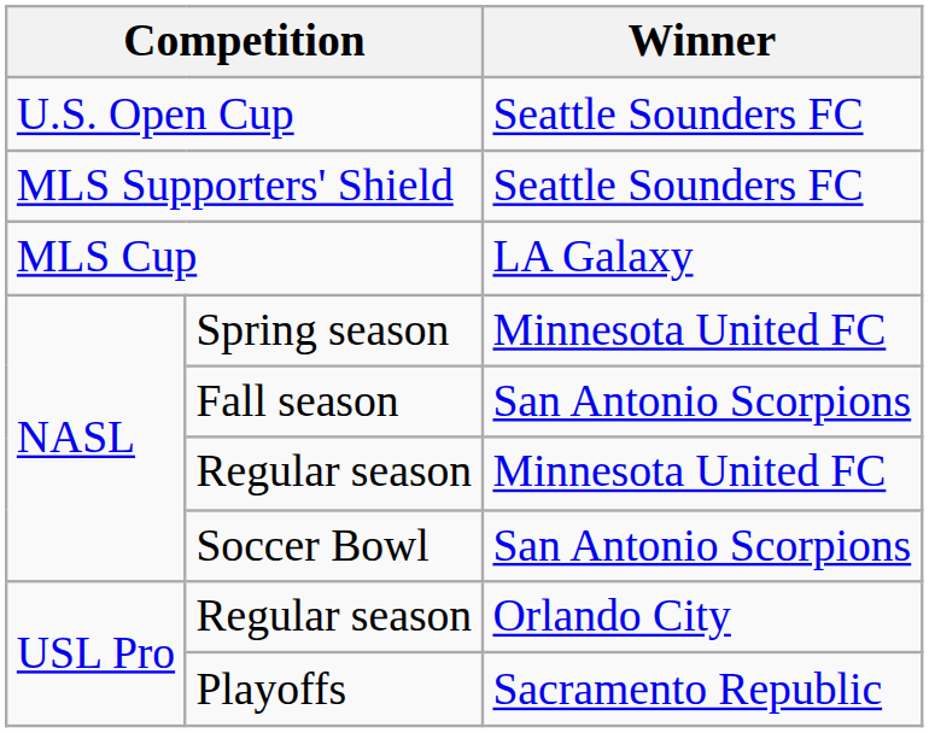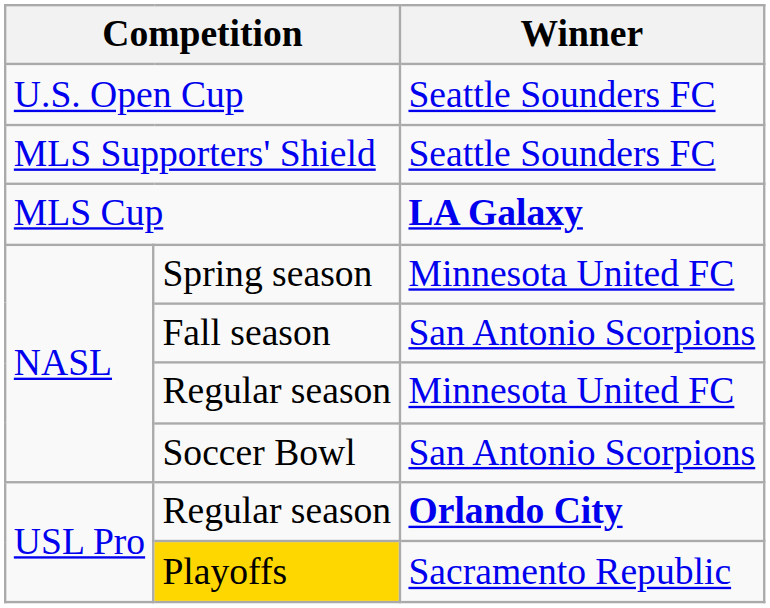 <table class="wikitable">
 <tr>
 <th colspan=2>Competition</th>
 <th>Winner</th>
 </tr>
 <tr>
 <td colspan=2><a href='#'>U.S. Open Cup</a></td>
 <td><a href='#'>Seattle Sounders FC</a></td>
 </tr>
 <tr>
 <td colspan=2><a href='#'>MLS Supporters' Shield</a></td>
 <td><a href='#'>Seattle Sounders FC</a></td>
 </tr>
 <tr>
 <td colspan=2><a href='#'>MLS Cup</a></td>
-<td><a href='#'>LA Galaxy</a></td>
+<td><strong><a href='#'>LA Galaxy</a></strong></td>
 </tr>
 <tr>
 <td rowspan=4><a href='#'>NASL</a></td>
 <td>Spring season</td>
 <td><a href='#'>Minnesota United FC</a></td>
 </tr>
 <tr>
 <td>Fall season</td>
 <td><a href='#'>San Antonio Scorpions</a></td>
 </tr>
 <tr>
 <td>Regular season</td>
 <td><a href='#'>Minnesota United FC</a></td>
 </tr>
 <tr>
 <td>Soccer Bowl</td>
 <td><a href='#'>San Antonio Scorpions</a></td>
 </tr>
 <tr>
 <td rowspan=2><a href='#'>USL Pro</a></td>
 <td>Regular season</td>
-<td><a href='#'>Orlando City</a></td>
+<td><strong><a href='#'>Orlando City</a></strong></td>
 </tr>
 <tr>
-<td>Playoffs</td>
+<td style="background: gold;">Playoffs</td>
 <td><a href='#'>Sacramento Republic</a></td>
 </tr>
 </table>
